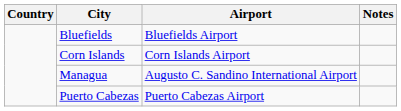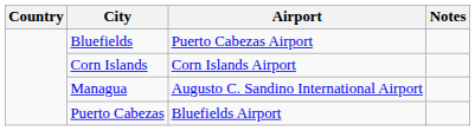 <table class="sortable wikitable">
 <tr>
 <th>Country</th>
 <th>City</th>
 <th>Airport</th>
 <th>Notes</th>
 </tr>
 <tr>
 <td rowspan=4></td>
 <td><a href='#'>Bluefields</a></td>
-<td><a href='#'>Bluefields Airport</a></td>
+<td><a href='#'>Puerto Cabezas Airport</a></td>
 <td></td>
 </tr>
 <tr>
 <td><a href='#'>Corn Islands</a></td>
 <td><a href='#'>Corn Islands Airport</a></td>
 <td></td>
 </tr>
 <tr>
 <td><a href='#'>Managua</a></td>
 <td><a href='#'>Augusto C. Sandino International Airport</a></td>
 <td></td>
 </tr>
 <tr>
 <td><a href='#'>Puerto Cabezas</a></td>
-<td><a href='#'>Puerto Cabezas Airport</a></td>
+<td><a href='#'>Bluefields Airport</a></td>
 <td></td>
 </tr>
 </table>
